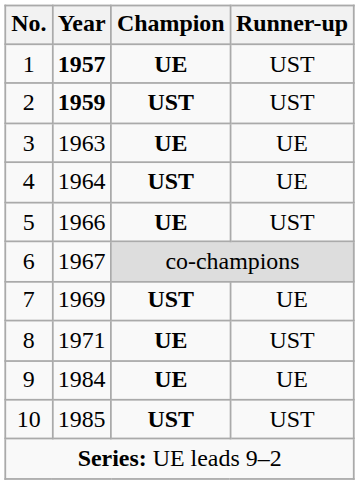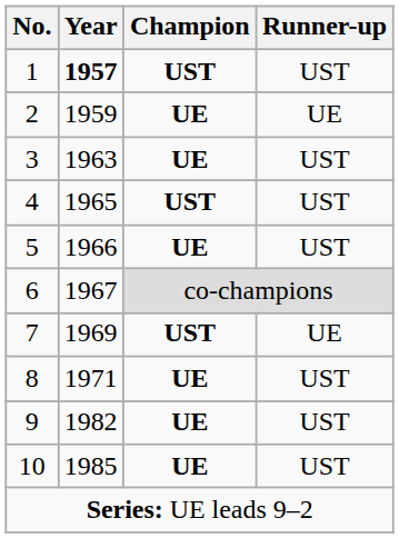 <table class="wikitable" style="float: right; margin-right: 0; margin-left: 1em; font-size:85%">
 <tr>
 <th scope=col>No.</th>
 <th scope=col>Year</th>
 <th scope=col>Champion</th>
 <th scope=col>Runner-up</th>
 </tr>
 <tr align=center>
 <td>1</td>
 <td><strong>1957</strong></td>
-<td><strong>UE</strong></td>
+<td><strong>UST</strong></td>
 <td>UST</td>
 </tr>
 <tr align=center>
 <td>2</td>
-<td><strong>1959</strong></td>
-<td><strong>UST</strong></td>
-<td>UST</td>
+<td>1959</td>
+<td><strong>UE</strong></td>
+<td>UE</td>
 </tr>
 <tr align=center>
 <td>3</td>
 <td>1963</td>
 <td><strong>UE</strong></td>
-<td>UE</td>
+<td>UST</td>
 </tr>
 <tr align=center>
 <td>4</td>
-<td>1964</td>
+<td>1965</td>
 <td><strong>UST</strong></td>
-<td>UE</td>
+<td>UST</td>
 </tr>
 <tr align=center>
 <td>5</td>
 <td>1966</td>
 <td><strong>UE</strong></td>
 <td>UST</td>
 </tr>
 <tr align=center>
 <td>6</td>
 <td>1967</td>
 <td colspan=2; style=background:#dddddd>co-champions</td>
 </tr>
 <tr align=center>
 <td>7</td>
 <td>1969</td>
 <td><strong>UST</strong></td>
 <td>UE</td>
 </tr>
 <tr align=center>
 <td>8</td>
 <td>1971</td>
 <td><strong>UE</strong></td>
 <td>UST</td>
 </tr>
 <tr align=center>
 <td>9</td>
-<td>1984</td>
+<td>1982</td>
 <td><strong>UE</strong></td>
-<td>UE</td>
+<td>UST</td>
 </tr>
 <tr align=center>
 <td>10</td>
 <td>1985</td>
-<td><strong>UST</strong></td>
+<td><strong>UE</strong></td>
 <td>UST</td>
 </tr>
 <tr align=center>
 <td colspan=4><strong>Series:</strong> UE leads 9–2</td>
 </tr>
 </table>
